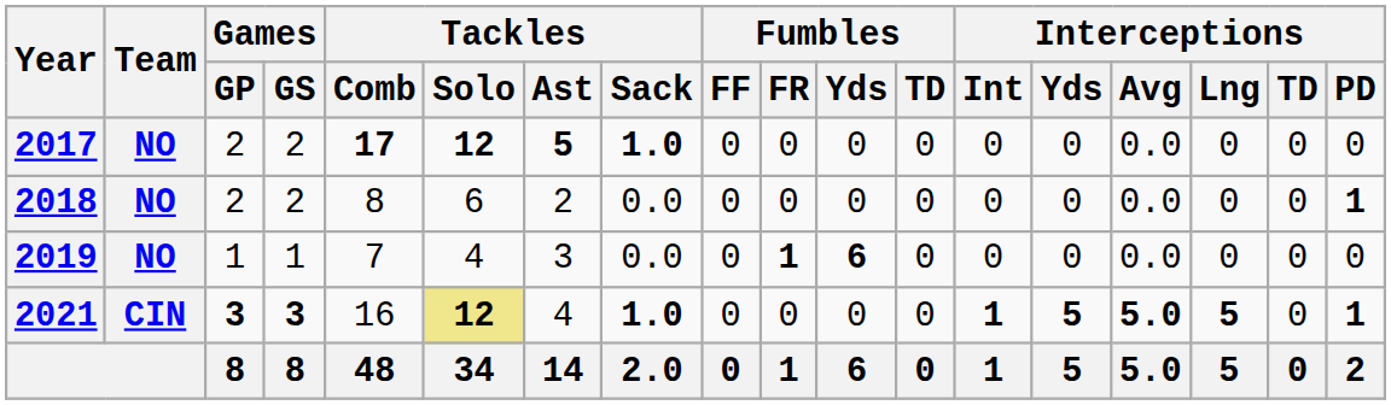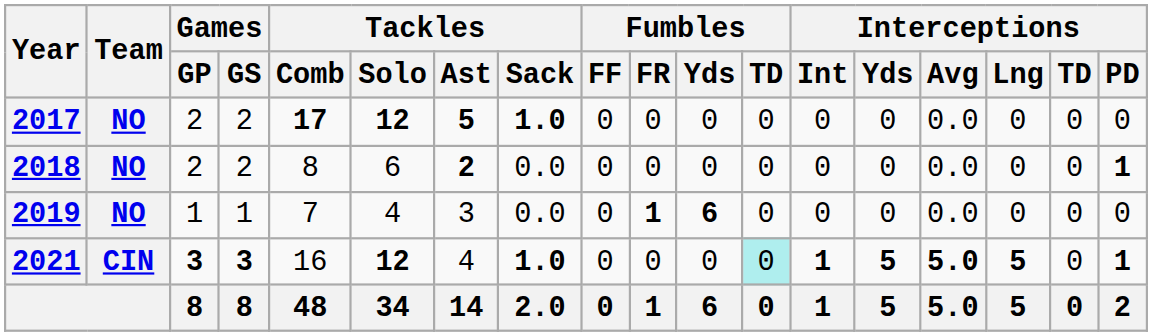 <table class="wikitable" style="text-align: center;">
 <tr>
 <th rowspan="2">Year</th>
 <th rowspan="2">Team</th>
 <th colspan="2">Games</th>
 <th colspan="4">Tackles</th>
 <th colspan="4">Fumbles</th>
 <th colspan="6">Interceptions</th>
 </tr>
 <tr>
 <th>GP</th>
 <th>GS</th>
 <th>Comb</th>
 <th>Solo</th>
 <th>Ast</th>
 <th>Sack</th>
 <th>FF</th>
 <th>FR</th>
 <th>Yds</th>
 <th>TD</th>
 <th>Int</th>
 <th>Yds</th>
 <th>Avg</th>
 <th>Lng</th>
 <th>TD</th>
 <th>PD</th>
 </tr>
 <tr>
 <th><a href='#'>2017</a></th>
 <th><a href='#'>NO</a></th>
 <td>2</td>
 <td>2</td>
 <td><strong>17</strong></td>
 <td><strong>12</strong></td>
 <td><strong>5</strong></td>
 <td><strong>1.0</strong></td>
 <td>0</td>
 <td>0</td>
 <td>0</td>
 <td>0</td>
 <td>0</td>
 <td>0</td>
 <td>0.0</td>
 <td>0</td>
 <td>0</td>
 <td>0</td>
 </tr>
 <tr>
 <th><a href='#'>2018</a></th>
 <th><a href='#'>NO</a></th>
 <td>2</td>
 <td>2</td>
 <td>8</td>
 <td>6</td>
-<td>2</td>
+<td><strong>2</strong></td>
 <td>0.0</td>
 <td>0</td>
 <td>0</td>
 <td>0</td>
 <td>0</td>
 <td>0</td>
 <td>0</td>
 <td>0.0</td>
 <td>0</td>
 <td>0</td>
 <td><strong>1</strong></td>
 </tr>
 <tr>
 <th><a href='#'>2019</a></th>
 <th><a href='#'>NO</a></th>
 <td>1</td>
 <td>1</td>
 <td>7</td>
 <td>4</td>
 <td>3</td>
 <td>0.0</td>
 <td>0</td>
 <td><strong>1</strong></td>
 <td><strong>6</strong></td>
 <td>0</td>
 <td>0</td>
 <td>0</td>
 <td>0.0</td>
 <td>0</td>
 <td>0</td>
 <td>0</td>
 </tr>
 <tr>
 <th><a href='#'>2021</a></th>
 <th><a href='#'>CIN</a></th>
 <td><strong>3</strong></td>
 <td><strong>3</strong></td>
 <td>16</td>
-<td style="background: khaki;"><strong>12</strong></td>
+<td><strong>12</strong></td>
 <td>4</td>
 <td><strong>1.0</strong></td>
 <td>0</td>
 <td>0</td>
 <td>0</td>
-<td>0</td>
+<td style="background: paleturquoise;">0</td>
 <td><strong>1</strong></td>
 <td><strong>5</strong></td>
 <td><strong>5.0</strong></td>
 <td><strong>5</strong></td>
 <td>0</td>
 <td><strong>1</strong></td>
 </tr>
 <tr>
 <th colspan="2"></th>
 <th>8</th>
 <th>8</th>
 <th>48</th>
 <th>34</th>
 <th>14</th>
 <th>2.0</th>
 <th>0</th>
 <th>1</th>
 <th>6</th>
 <th>0</th>
 <th>1</th>
 <th>5</th>
 <th>5.0</th>
 <th>5</th>
 <th>0</th>
 <th>2</th>
 </tr>
 </table>
